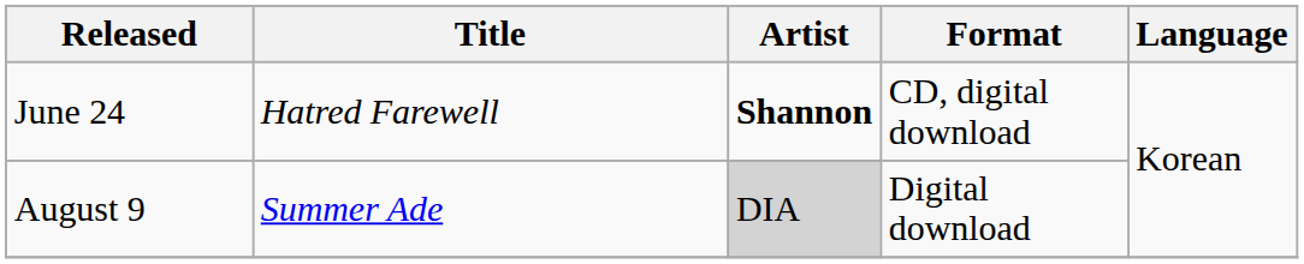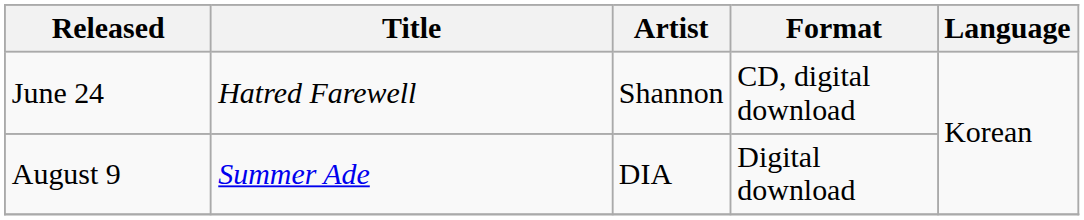 <table class="wikitable sortable" align="left center" style="width:65%;">
 <tr>
 <th style="width:20%;">Released</th>
 <th style="width:40%;">Title</th>
 <th style="width:10%;">Artist</th>
 <th style="width:20%;">Format</th>
 <th style="width:10%;">Language</th>
 </tr>
 <tr>
 <td>June 24</td>
 <td><em>Hatred Farewell</em></td>
-<td><strong>Shannon</strong></td>
+<td>Shannon</td>
 <td>CD, digital download</td>
 <td rowspan="2">Korean</td>
 </tr>
 <tr>
 <td>August 9</td>
 <td><em><a href='#'>Summer Ade</a></em></td>
-<td style="background: lightgrey;">DIA</td>
+<td>DIA</td>
 <td>Digital download</td>
 </tr>
 <tr>
 </tr>
 </table>
